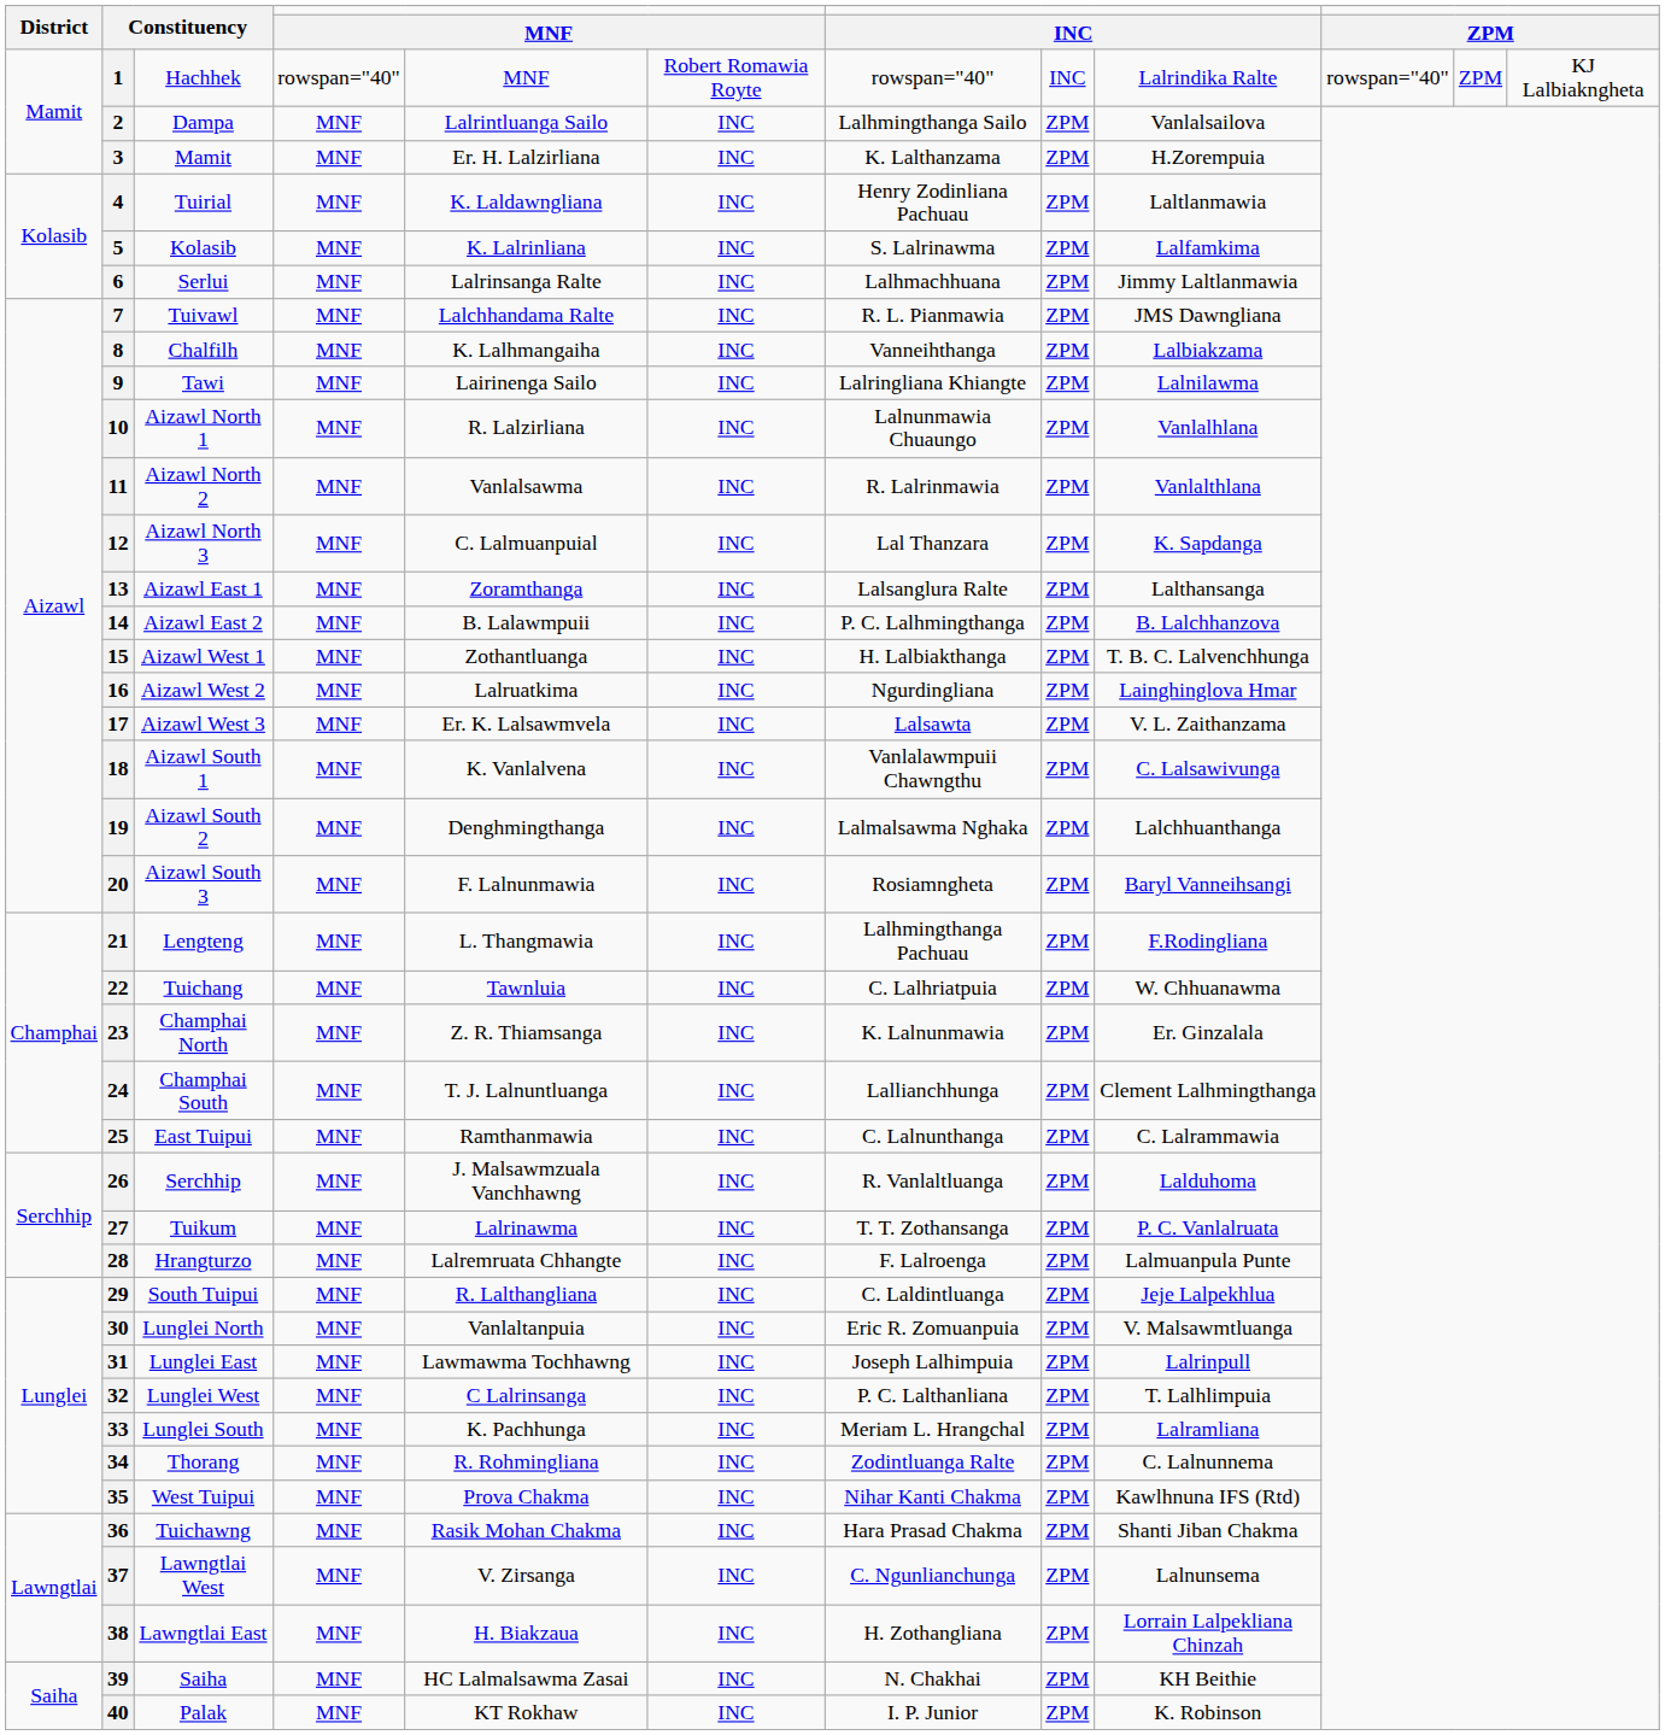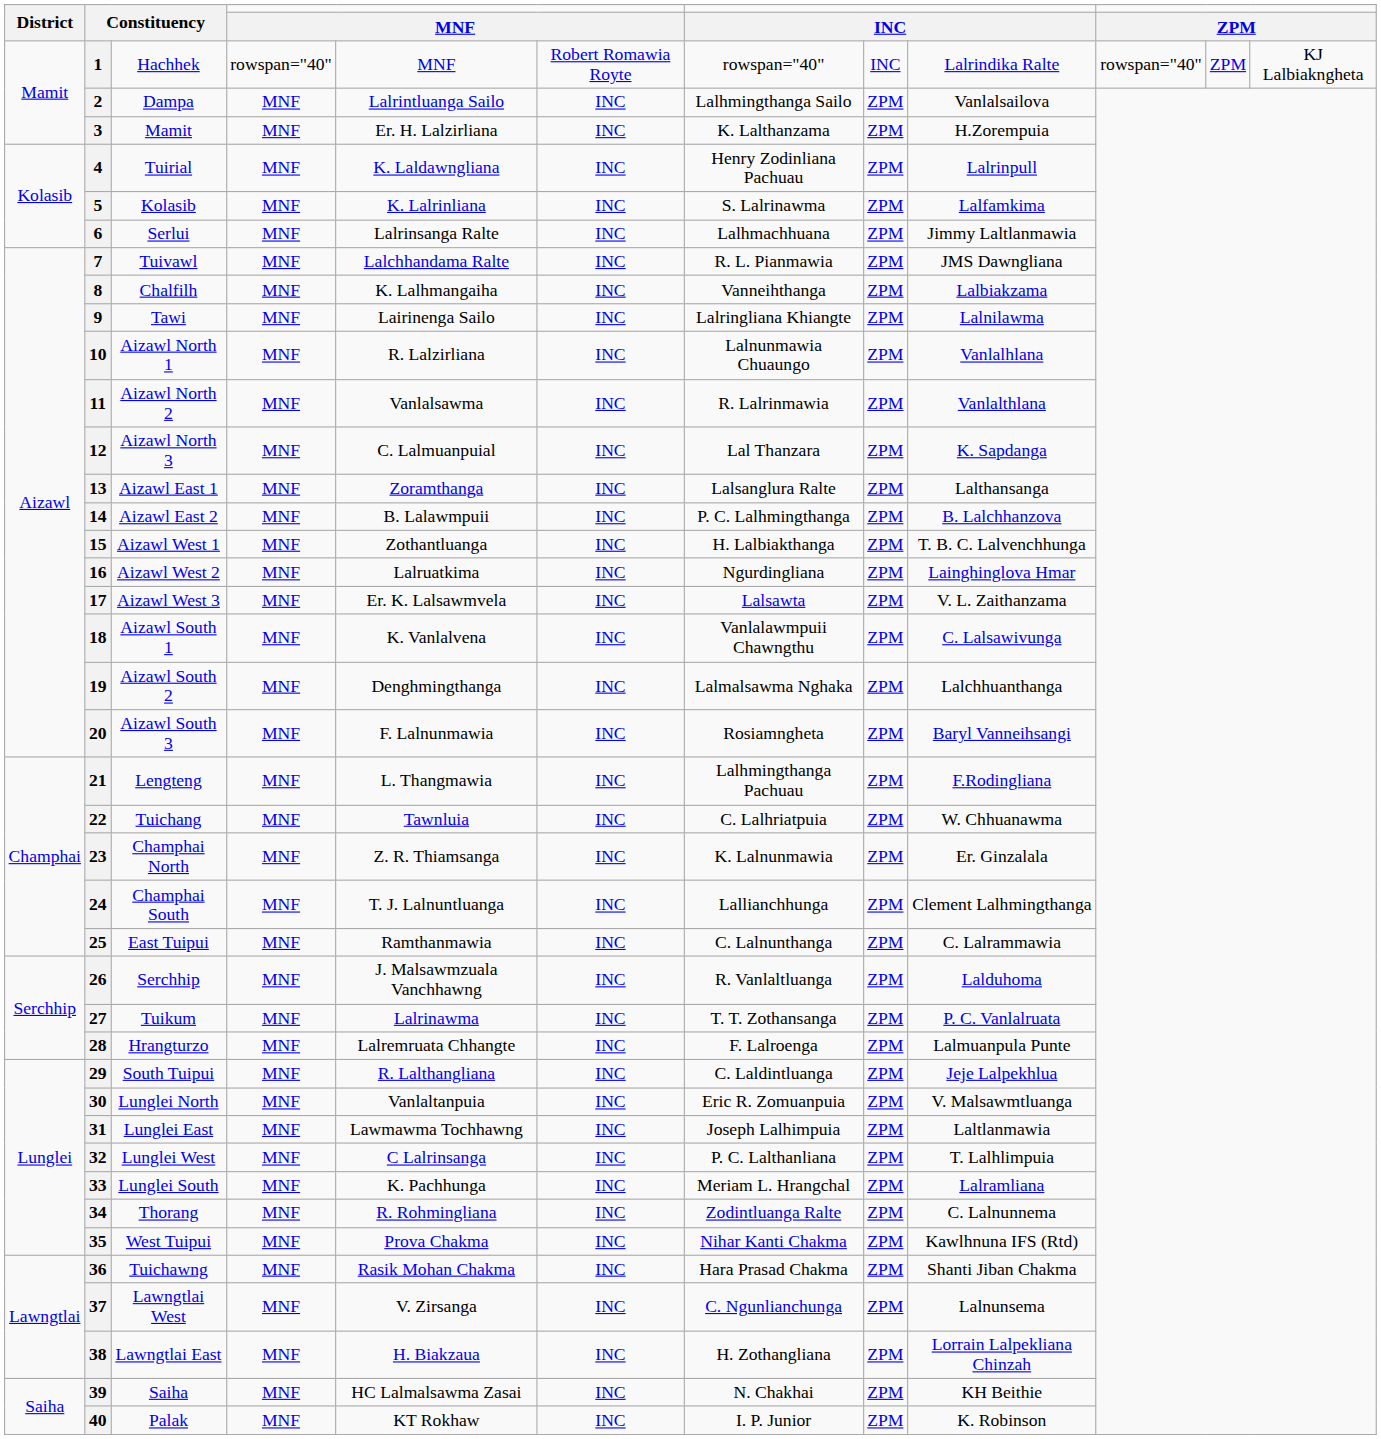 <table class="wikitable sortable" style="text-align:center;">
 <tr>
 <th colspan="1" rowspan="2">District</th>
 <th colspan="2" rowspan="2">Constituency</th>
 <td colspan="3"></td>
 <td colspan="3"></td>
 <td colspan="3"></td>
 </tr>
 <tr>
 <th colspan="3" class="wikitable"><a href='#'>MNF</a></th>
 <th colspan="3" class="wikitable"><a href='#'>INC</a></th>
 <th colspan="3" class="wikitable"><a href='#'>ZPM</a></th>
 </tr>
 <tr>
 <td rowspan="3"><a href='#'>Mamit</a></td>
 <th>1</th>
 <td><a href='#'>Hachhek</a></td>
 <td>rowspan="40" </td>
 <td><a href='#'>MNF</a></td>
 <td><a href='#'>Robert Romawia Royte</a></td>
 <td>rowspan="40" </td>
 <td><a href='#'>INC</a></td>
 <td><a href='#'>Lalrindika Ralte</a></td>
 <td>rowspan="40" </td>
 <td><a href='#'>ZPM</a></td>
 <td>KJ Lalbiakngheta</td>
 </tr>
 <tr>
 <th>2</th>
 <td><a href='#'>Dampa</a></td>
 <td><a href='#'>MNF</a></td>
 <td><a href='#'>Lalrintluanga Sailo</a></td>
 <td><a href='#'>INC</a></td>
 <td>Lalhmingthanga Sailo</td>
 <td><a href='#'>ZPM</a></td>
 <td>Vanlalsailova</td>
 </tr>
 <tr>
 <th>3</th>
 <td><a href='#'>Mamit</a></td>
 <td><a href='#'>MNF</a></td>
 <td>Er. H. Lalzirliana</td>
 <td><a href='#'>INC</a></td>
 <td>K. Lalthanzama</td>
 <td><a href='#'>ZPM</a></td>
 <td>H.Zorempuia</td>
 </tr>
 <tr>
 <td rowspan="3"><a href='#'>Kolasib</a></td>
 <th>4</th>
 <td><a href='#'>Tuirial</a></td>
 <td><a href='#'>MNF</a></td>
 <td><a href='#'>K. Laldawngliana</a></td>
 <td><a href='#'>INC</a></td>
 <td>Henry Zodinliana Pachuau</td>
 <td><a href='#'>ZPM</a></td>
-<td>Laltlanmawia</td>
+<td><a href='#'>Lalrinpull</a></td>
 </tr>
 <tr>
 <th>5</th>
 <td><a href='#'>Kolasib</a></td>
 <td><a href='#'>MNF</a></td>
 <td><a href='#'>K. Lalrinliana</a></td>
 <td><a href='#'>INC</a></td>
 <td>S. Lalrinawma</td>
 <td><a href='#'>ZPM</a></td>
 <td><a href='#'>Lalfamkima</a></td>
 </tr>
 <tr>
 <th>6</th>
 <td><a href='#'>Serlui</a></td>
 <td><a href='#'>MNF</a></td>
 <td>Lalrinsanga Ralte</td>
 <td><a href='#'>INC</a></td>
 <td>Lalhmachhuana</td>
 <td><a href='#'>ZPM</a></td>
 <td>Jimmy Laltlanmawia</td>
 </tr>
 <tr>
 <td rowspan="14"><a href='#'>Aizawl</a></td>
 <th>7</th>
 <td><a href='#'>Tuivawl</a></td>
 <td><a href='#'>MNF</a></td>
 <td><a href='#'>Lalchhandama Ralte</a></td>
 <td><a href='#'>INC</a></td>
 <td>R. L. Pianmawia</td>
 <td><a href='#'>ZPM</a></td>
 <td>JMS Dawngliana</td>
 </tr>
 <tr>
 <th>8</th>
 <td><a href='#'>Chalfilh</a></td>
 <td><a href='#'>MNF</a></td>
 <td>K. Lalhmangaiha</td>
 <td><a href='#'>INC</a></td>
 <td>Vanneihthanga</td>
 <td><a href='#'>ZPM</a></td>
 <td><a href='#'>Lalbiakzama</a></td>
 </tr>
 <tr>
 <th>9</th>
 <td><a href='#'>Tawi</a></td>
 <td><a href='#'>MNF</a></td>
 <td>Lairinenga Sailo</td>
 <td><a href='#'>INC</a></td>
 <td>Lalringliana Khiangte</td>
 <td><a href='#'>ZPM</a></td>
 <td><a href='#'>Lalnilawma</a></td>
 </tr>
 <tr>
 <th>10</th>
 <td><a href='#'>Aizawl North 1</a></td>
 <td><a href='#'>MNF</a></td>
 <td>R. Lalzirliana</td>
 <td><a href='#'>INC</a></td>
 <td>Lalnunmawia Chuaungo</td>
 <td><a href='#'>ZPM</a></td>
 <td><a href='#'>Vanlalhlana</a></td>
 </tr>
 <tr>
 <th>11</th>
 <td><a href='#'>Aizawl North 2</a></td>
 <td><a href='#'>MNF</a></td>
 <td>Vanlalsawma</td>
 <td><a href='#'>INC</a></td>
 <td>R. Lalrinmawia</td>
 <td><a href='#'>ZPM</a></td>
 <td><a href='#'>Vanlalthlana</a></td>
 </tr>
 <tr>
 <th>12</th>
 <td><a href='#'>Aizawl North 3</a></td>
 <td><a href='#'>MNF</a></td>
 <td>C. Lalmuanpuial</td>
 <td><a href='#'>INC</a></td>
 <td>Lal Thanzara</td>
 <td><a href='#'>ZPM</a></td>
 <td><a href='#'>K. Sapdanga</a></td>
 </tr>
 <tr>
 <th>13</th>
 <td><a href='#'>Aizawl East 1</a></td>
 <td><a href='#'>MNF</a></td>
 <td><a href='#'>Zoramthanga</a></td>
 <td><a href='#'>INC</a></td>
 <td>Lalsanglura Ralte</td>
 <td><a href='#'>ZPM</a></td>
 <td>Lalthansanga</td>
 </tr>
 <tr>
 <th>14</th>
 <td><a href='#'>Aizawl East 2</a></td>
 <td><a href='#'>MNF</a></td>
 <td>B. Lalawmpuii</td>
 <td><a href='#'>INC</a></td>
 <td>P. C. Lalhmingthanga</td>
 <td><a href='#'>ZPM</a></td>
 <td><a href='#'>B. Lalchhanzova</a></td>
 </tr>
 <tr>
 <th>15</th>
 <td><a href='#'>Aizawl West 1</a></td>
 <td><a href='#'>MNF</a></td>
 <td>Zothantluanga</td>
 <td><a href='#'>INC</a></td>
 <td>H. Lalbiakthanga</td>
 <td><a href='#'>ZPM</a></td>
 <td>T. B. C. Lalvenchhunga</td>
 </tr>
 <tr>
 <th>16</th>
 <td><a href='#'>Aizawl West 2</a></td>
 <td><a href='#'>MNF</a></td>
 <td>Lalruatkima</td>
 <td><a href='#'>INC</a></td>
 <td>Ngurdingliana</td>
 <td><a href='#'>ZPM</a></td>
 <td><a href='#'>Lainghinglova Hmar</a></td>
 </tr>
 <tr>
 <th>17</th>
 <td><a href='#'>Aizawl West 3</a></td>
 <td><a href='#'>MNF</a></td>
 <td>Er. K. Lalsawmvela</td>
 <td><a href='#'>INC</a></td>
 <td><a href='#'>Lalsawta</a></td>
 <td><a href='#'>ZPM</a></td>
 <td>V. L.  Zaithanzama</td>
 </tr>
 <tr>
 <th>18</th>
 <td><a href='#'>Aizawl South 1</a></td>
 <td><a href='#'>MNF</a></td>
 <td>K. Vanlalvena</td>
 <td><a href='#'>INC</a></td>
 <td>Vanlalawmpuii Chawngthu</td>
 <td><a href='#'>ZPM</a></td>
 <td><a href='#'>C. Lalsawivunga</a></td>
 </tr>
 <tr>
 <th>19</th>
 <td><a href='#'>Aizawl South 2</a></td>
 <td><a href='#'>MNF</a></td>
 <td>Denghmingthanga</td>
 <td><a href='#'>INC</a></td>
 <td>Lalmalsawma Nghaka</td>
 <td><a href='#'>ZPM</a></td>
 <td>Lalchhuanthanga</td>
 </tr>
 <tr>
 <th>20</th>
 <td><a href='#'>Aizawl South 3</a></td>
 <td><a href='#'>MNF</a></td>
 <td>F. Lalnunmawia</td>
 <td><a href='#'>INC</a></td>
 <td>Rosiamngheta</td>
 <td><a href='#'>ZPM</a></td>
 <td><a href='#'>Baryl Vanneihsangi</a></td>
 </tr>
 <tr>
 <td rowspan="5"><a href='#'>Champhai</a></td>
 <th>21</th>
 <td><a href='#'>Lengteng</a></td>
 <td><a href='#'>MNF</a></td>
 <td>L. Thangmawia</td>
 <td><a href='#'>INC</a></td>
 <td>Lalhmingthanga Pachuau</td>
 <td><a href='#'>ZPM</a></td>
 <td><a href='#'>F.Rodingliana</a></td>
 </tr>
 <tr>
 <th>22</th>
 <td><a href='#'>Tuichang</a></td>
 <td><a href='#'>MNF</a></td>
 <td><a href='#'>Tawnluia</a></td>
 <td><a href='#'>INC</a></td>
 <td>C. Lalhriatpuia</td>
 <td><a href='#'>ZPM</a></td>
 <td>W. Chhuanawma</td>
 </tr>
 <tr>
 <th>23</th>
 <td><a href='#'>Champhai North</a></td>
 <td><a href='#'>MNF</a></td>
 <td>Z. R. Thiamsanga</td>
 <td><a href='#'>INC</a></td>
 <td>K. Lalnunmawia</td>
 <td><a href='#'>ZPM</a></td>
 <td>Er. Ginzalala</td>
 </tr>
 <tr>
 <th>24</th>
 <td><a href='#'>Champhai South</a></td>
 <td><a href='#'>MNF</a></td>
 <td>T. J.  Lalnuntluanga</td>
 <td><a href='#'>INC</a></td>
 <td>Lallianchhunga</td>
 <td><a href='#'>ZPM</a></td>
 <td>Clement Lalhmingthanga</td>
 </tr>
 <tr>
 <th>25</th>
 <td><a href='#'>East Tuipui</a></td>
 <td><a href='#'>MNF</a></td>
 <td>Ramthanmawia</td>
 <td><a href='#'>INC</a></td>
 <td>C. Lalnunthanga</td>
 <td><a href='#'>ZPM</a></td>
 <td>C. Lalrammawia</td>
 </tr>
 <tr>
 <td rowspan="3"><a href='#'>Serchhip</a></td>
 <th>26</th>
 <td><a href='#'>Serchhip</a></td>
 <td><a href='#'>MNF</a></td>
 <td>J. Malsawmzuala Vanchhawng</td>
 <td><a href='#'>INC</a></td>
 <td>R. Vanlaltluanga</td>
 <td><a href='#'>ZPM</a></td>
 <td><a href='#'>Lalduhoma</a></td>
 </tr>
 <tr>
 <th>27</th>
 <td><a href='#'>Tuikum</a></td>
 <td><a href='#'>MNF</a></td>
 <td><a href='#'>Lalrinawma</a></td>
 <td><a href='#'>INC</a></td>
 <td>T. T. Zothansanga</td>
 <td><a href='#'>ZPM</a></td>
 <td><a href='#'>P. C. Vanlalruata</a></td>
 </tr>
 <tr>
 <th>28</th>
 <td><a href='#'>Hrangturzo</a></td>
 <td><a href='#'>MNF</a></td>
 <td>Lalremruata Chhangte</td>
 <td><a href='#'>INC</a></td>
 <td>F. Lalroenga</td>
 <td><a href='#'>ZPM</a></td>
 <td>Lalmuanpula Punte</td>
 </tr>
 <tr>
 <td rowspan="7"><a href='#'>Lunglei</a></td>
 <th>29</th>
 <td><a href='#'>South Tuipui</a></td>
 <td><a href='#'>MNF</a></td>
 <td><a href='#'>R. Lalthangliana</a></td>
 <td><a href='#'>INC</a></td>
 <td>C. Laldintluanga</td>
 <td><a href='#'>ZPM</a></td>
 <td><a href='#'>Jeje Lalpekhlua</a></td>
 </tr>
 <tr>
 <th>30</th>
 <td><a href='#'>Lunglei North</a></td>
 <td><a href='#'>MNF</a></td>
 <td>Vanlaltanpuia</td>
 <td><a href='#'>INC</a></td>
 <td>Eric R. Zomuanpuia</td>
 <td><a href='#'>ZPM</a></td>
 <td>V. Malsawmtluanga</td>
 </tr>
 <tr>
 <th>31</th>
 <td><a href='#'>Lunglei East</a></td>
 <td><a href='#'>MNF</a></td>
 <td>Lawmawma Tochhawng</td>
 <td><a href='#'>INC</a></td>
 <td>Joseph Lalhimpuia</td>
 <td><a href='#'>ZPM</a></td>
-<td><a href='#'>Lalrinpull</a></td>
+<td>Laltlanmawia</td>
 </tr>
 <tr>
 <th>32</th>
 <td><a href='#'>Lunglei West</a></td>
 <td><a href='#'>MNF</a></td>
 <td><a href='#'>C Lalrinsanga</a></td>
 <td><a href='#'>INC</a></td>
 <td>P. C. Lalthanliana</td>
 <td><a href='#'>ZPM</a></td>
 <td>T. Lalhlimpuia</td>
 </tr>
 <tr>
 <th>33</th>
 <td><a href='#'>Lunglei South</a></td>
 <td><a href='#'>MNF</a></td>
 <td>K. Pachhunga</td>
 <td><a href='#'>INC</a></td>
 <td>Meriam L. Hrangchal</td>
 <td><a href='#'>ZPM</a></td>
 <td><a href='#'>Lalramliana</a></td>
 </tr>
 <tr>
 <th>34</th>
 <td><a href='#'>Thorang</a></td>
 <td><a href='#'>MNF</a></td>
 <td><a href='#'>R. Rohmingliana</a></td>
 <td><a href='#'>INC</a></td>
 <td><a href='#'>Zodintluanga Ralte</a></td>
 <td><a href='#'>ZPM</a></td>
 <td>C. Lalnunnema</td>
 </tr>
 <tr>
 <th>35</th>
 <td><a href='#'>West Tuipui</a></td>
 <td><a href='#'>MNF</a></td>
 <td><a href='#'>Prova Chakma</a></td>
 <td><a href='#'>INC</a></td>
 <td><a href='#'>Nihar Kanti Chakma</a></td>
 <td><a href='#'>ZPM</a></td>
 <td>Kawlhnuna IFS (Rtd)</td>
 </tr>
 <tr>
 <td rowspan="3"><a href='#'>Lawngtlai</a></td>
 <th>36</th>
 <td><a href='#'>Tuichawng</a></td>
 <td><a href='#'>MNF</a></td>
 <td><a href='#'>Rasik Mohan Chakma</a></td>
 <td><a href='#'>INC</a></td>
 <td>Hara Prasad Chakma</td>
 <td><a href='#'>ZPM</a></td>
 <td>Shanti Jiban Chakma</td>
 </tr>
 <tr>
 <th>37</th>
 <td><a href='#'>Lawngtlai West</a></td>
 <td><a href='#'>MNF</a></td>
 <td>V. Zirsanga</td>
 <td><a href='#'>INC</a></td>
 <td><a href='#'>C. Ngunlianchunga</a></td>
 <td><a href='#'>ZPM</a></td>
 <td>Lalnunsema</td>
 </tr>
 <tr>
 <th>38</th>
 <td><a href='#'>Lawngtlai East</a></td>
 <td><a href='#'>MNF</a></td>
 <td><a href='#'>H. Biakzaua</a></td>
 <td><a href='#'>INC</a></td>
 <td>H. Zothangliana</td>
 <td><a href='#'>ZPM</a></td>
 <td><a href='#'>Lorrain Lalpekliana Chinzah</a></td>
 </tr>
 <tr>
 <td rowspan="2"><a href='#'>Saiha</a></td>
 <th>39</th>
 <td><a href='#'>Saiha</a></td>
 <td><a href='#'>MNF</a></td>
 <td>HC Lalmalsawma Zasai</td>
 <td><a href='#'>INC</a></td>
 <td>N. Chakhai</td>
 <td><a href='#'>ZPM</a></td>
 <td>KH Beithie</td>
 </tr>
 <tr>
 <th>40</th>
 <td><a href='#'>Palak</a></td>
 <td><a href='#'>MNF</a></td>
 <td>KT Rokhaw</td>
 <td><a href='#'>INC</a></td>
 <td>I. P. Junior</td>
 <td><a href='#'>ZPM</a></td>
 <td>K. Robinson</td>
 </tr>
 <tr>
 </tr>
 </table>
